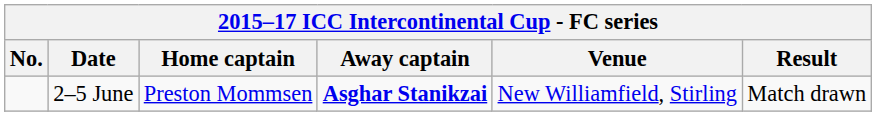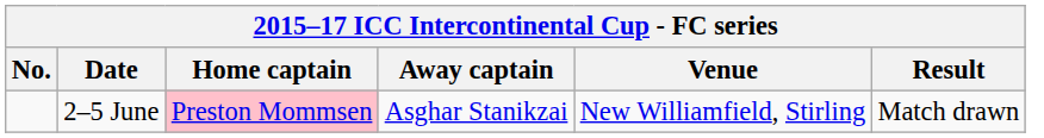 <table class="wikitable">
 <tr>
 <th colspan="6"><a href='#'>2015–17 ICC Intercontinental Cup</a> - FC series</th>
 </tr>
 <tr>
 <th>No.</th>
 <th>Date</th>
 <th>Home captain</th>
 <th>Away captain</th>
 <th>Venue</th>
 <th>Result</th>
 </tr>
 <tr>
 <td></td>
 <td>2–5 June</td>
-<td><a href='#'>Preston Mommsen</a></td>
-<td><strong><a href='#'>Asghar Stanikzai</a></strong></td>
+<td style="background: pink;"><a href='#'>Preston Mommsen</a></td>
+<td><a href='#'>Asghar Stanikzai</a></td>
 <td><a href='#'>New Williamfield</a>, <a href='#'>Stirling</a></td>
 <td>Match drawn</td>
 </tr>
 </table>
